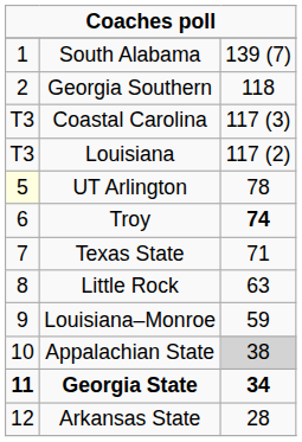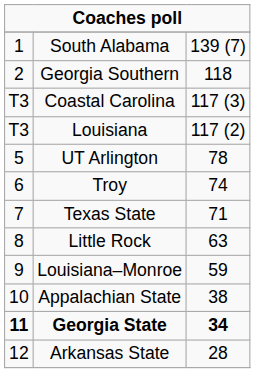 <table class="wikitable">
 <tr align="center">
 <td align="center" Colspan="3"><strong>Coaches poll</strong></td>
 </tr>
 <tr align="center">
 </tr>
 <tr align="center">
 <td>1</td>
 <td>South Alabama</td>
 <td>139 (7)</td>
 </tr>
 <tr align="center">
 <td>2</td>
 <td>Georgia Southern</td>
 <td>118</td>
 </tr>
 <tr align="center">
 <td>T3</td>
 <td>Coastal Carolina</td>
 <td>117 (3)</td>
 </tr>
 <tr align="center">
 <td>T3</td>
 <td>Louisiana</td>
 <td>117 (2)</td>
 </tr>
 <tr align="center">
-<td style="background: lightyellow;">5</td>
+<td>5</td>
 <td>UT Arlington</td>
 <td>78</td>
 </tr>
 <tr align="center">
 <td>6</td>
 <td>Troy</td>
-<td><strong>74</strong></td>
+<td>74</td>
 </tr>
 <tr align="center">
 <td>7</td>
 <td>Texas State</td>
 <td>71</td>
 </tr>
 <tr align="center">
 <td>8</td>
 <td>Little Rock</td>
 <td>63</td>
 </tr>
 <tr align="center">
 <td>9</td>
 <td>Louisiana–Monroe</td>
 <td>59</td>
 </tr>
 <tr align="center">
 <td>10</td>
 <td>Appalachian State</td>
-<td style="background: lightgrey;">38</td>
+<td>38</td>
 </tr>
 <tr align="center">
 <td><strong>11</strong></td>
 <td><strong>Georgia State</strong></td>
 <td><strong>34</strong></td>
 </tr>
 <tr align="center">
 <td>12</td>
 <td>Arkansas State</td>
 <td>28</td>
 </tr>
 <tr align="center">
 </tr>
 </table>
